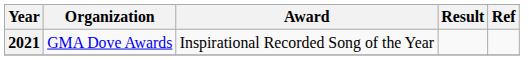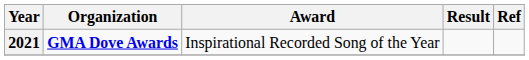 <table class="wikitable plainrowheaders">
 <tr>
 <th>Year</th>
 <th>Organization</th>
 <th>Award</th>
 <th>Result</th>
 <th>Ref</th>
 </tr>
 <tr>
 <th>2021</th>
-<td><a href='#'>GMA Dove Awards</a></td>
+<td><strong><a href='#'>GMA Dove Awards</a></strong></td>
 <td>Inspirational Recorded Song of the Year</td>
 <td></td>
 <td></td>
 </tr>
 <tr>
 </tr>
 </table>
